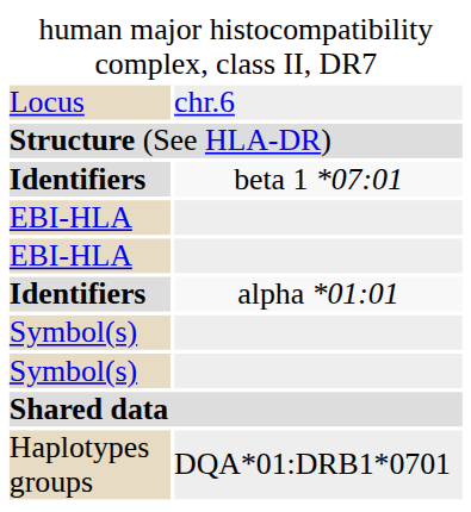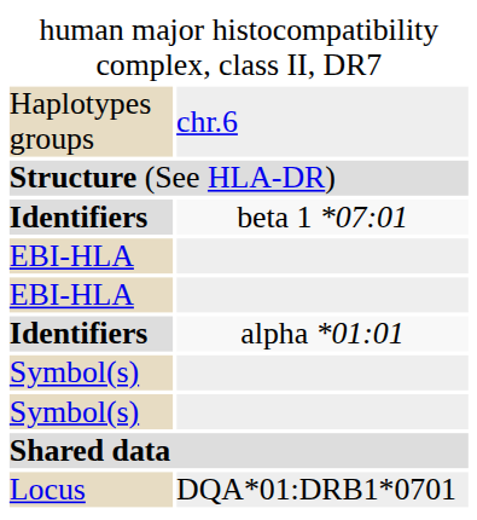 <table id="drugInfoBox" style="float: right; clear: right; margin: 0 0 0.5em 1em; background: #ffffff;" class="toccolours" border=0 cellpadding=0 align=right width="240px">
 <tr>
 <td align="center" colspan="2"></td>
 </tr>
 <tr>
 <td align="center" colspan="2"><div>human major histocompatibility complex, class II, DR7</div></td>
 </tr>
 <tr>
-<td bgcolor="#e7dcc3"><a href='#'>Locus</a></td>
+<td bgcolor="#e7dcc3">Haplotypes groups</td>
 <td bgcolor="#eeeeee"><a href='#'>chr.6</a> <em></em></td>
 </tr>
 <tr>
 <td colspan="2" bgcolor="#dddddd"><strong>Structure</strong> (See <a href='#'>HLA-DR</a>)</td>
 </tr>
 <tr style="background:#f8f8f8">
 <td bgcolor="#dddddd"><strong>Identifiers</strong></td>
 <td align="center"><div>beta 1 <em>*07:01</em></div></td>
 </tr>
 <tr>
 <td bgcolor="#e7dcc3"><a href='#'>EBI-HLA</a></td>
 <td bgcolor="#eeeeee"></td>
 </tr>
 <tr>
 <td bgcolor="#e7dcc3"><a href='#'>EBI-HLA</a></td>
 <td bgcolor="#eeeeee"></td>
 </tr>
 <tr style="background:#f8f8f8">
 <td bgcolor="#dddddd"><strong>Identifiers</strong></td>
 <td align="center"><div>alpha <em>*01:01</em></div></td>
 </tr>
 <tr>
 <td bgcolor="#e7dcc3"><a href='#'>Symbol(s)</a></td>
 <td bgcolor="#eeeeee"></td>
 </tr>
 <tr>
 <td bgcolor="#e7dcc3"><a href='#'>Symbol(s)</a></td>
 <td bgcolor="#eeeeee"></td>
 </tr>
 <tr>
 <td colspan="2" bgcolor="#dddddd"><strong>Shared data</strong></td>
 </tr>
 <tr>
-<td bgcolor="#e7dcc3">Haplotypes groups</td>
+<td bgcolor="#e7dcc3"><a href='#'>Locus</a></td>
 <td bgcolor="#eeeeee">DQA*01:DRB1*0701</td>
 </tr>
 <tr>
 </tr>
 </table>
